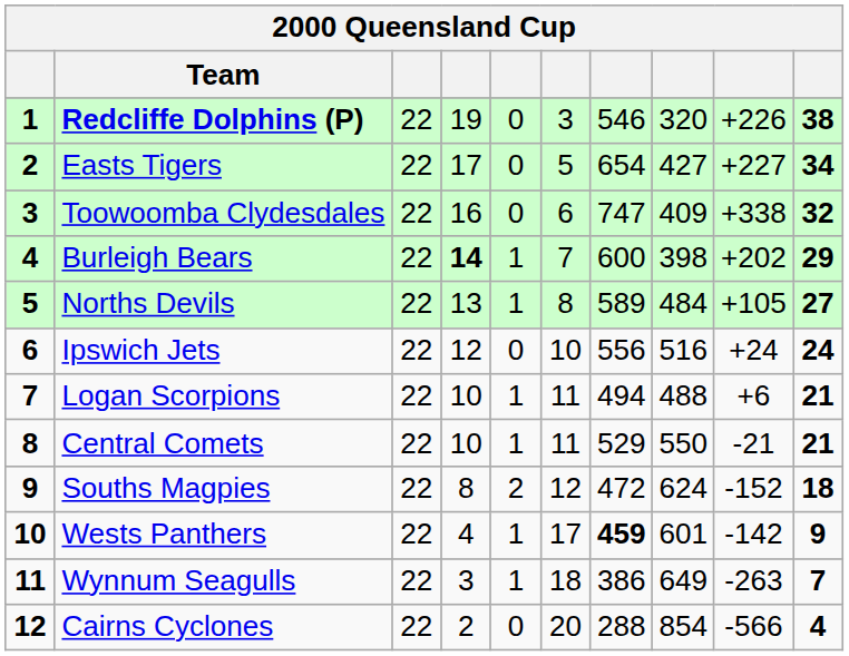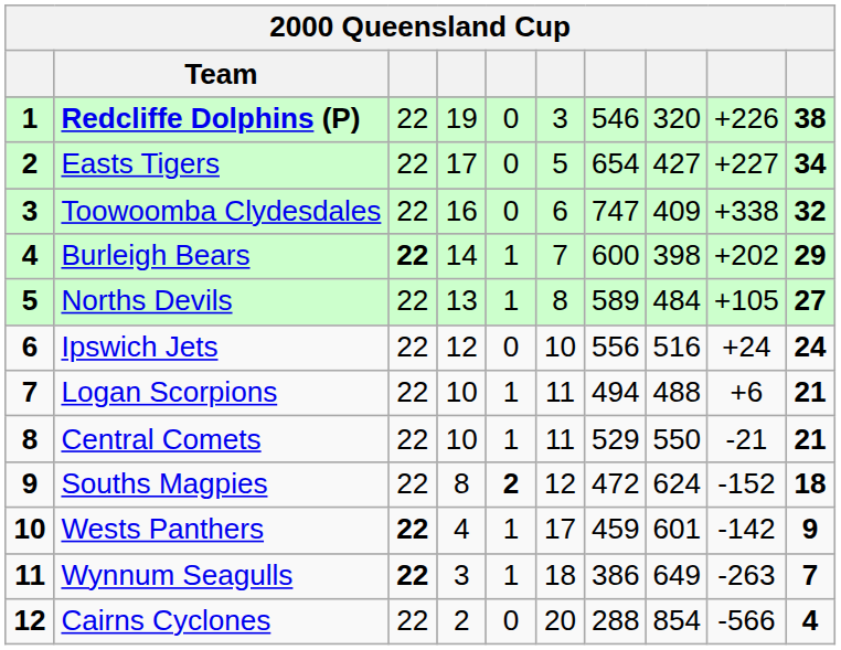 <table class="wikitable" style="text-align:center;">
 <tr>
 <th colspan="11">2000 Queensland Cup</th>
 </tr>
 <tr>
 <th width="20"></th>
 <th>Team</th>
 <th width="20"></th>
 <th width="20"></th>
 <th width="20"></th>
 <th width="20"></th>
 <th width="25"></th>
 <th width="25"></th>
 <th width="30"></th>
 <th width="20"></th>
 </tr>
 <tr style="background: #ccffcc;">
 <td><strong>1</strong></td>
 <td style="text-align:left;"> <strong><a href='#'>Redcliffe Dolphins</a> (P)</strong></td>
 <td>22</td>
 <td>19</td>
 <td>0</td>
 <td>3</td>
 <td>546</td>
 <td>320</td>
 <td>+226</td>
 <td><strong>38</strong></td>
 </tr>
 <tr style="background: #ccffcc;">
 <td><strong>2</strong></td>
 <td style="text-align:left;"> <a href='#'>Easts Tigers</a></td>
 <td>22</td>
 <td>17</td>
 <td>0</td>
 <td>5</td>
 <td>654</td>
 <td>427</td>
 <td>+227</td>
 <td><strong>34</strong></td>
 </tr>
 <tr style="background: #ccffcc;">
 <td><strong>3</strong></td>
 <td style="text-align:left;"> <a href='#'>Toowoomba Clydesdales</a></td>
 <td>22</td>
 <td>16</td>
 <td>0</td>
 <td>6</td>
 <td>747</td>
 <td>409</td>
 <td>+338</td>
 <td><strong>32</strong></td>
 </tr>
 <tr style="background: #ccffcc;">
 <td><strong>4</strong></td>
 <td style="text-align:left;"> <a href='#'>Burleigh Bears</a></td>
-<td>22</td>
-<td><strong>14</strong></td>
+<td><strong>22</strong></td>
+<td>14</td>
 <td>1</td>
 <td>7</td>
 <td>600</td>
 <td>398</td>
 <td>+202</td>
 <td><strong>29</strong></td>
 </tr>
 <tr style="background: #ccffcc;">
 <td><strong>5</strong></td>
 <td style="text-align:left;"> <a href='#'>Norths Devils</a></td>
 <td>22</td>
 <td>13</td>
 <td>1</td>
 <td>8</td>
 <td>589</td>
 <td>484</td>
 <td>+105</td>
 <td><strong>27</strong></td>
 </tr>
 <tr style="background:">
 <td><strong>6</strong></td>
 <td style="text-align:left;"> <a href='#'>Ipswich Jets</a></td>
 <td>22</td>
 <td>12</td>
 <td>0</td>
 <td>10</td>
 <td>556</td>
 <td>516</td>
 <td>+24</td>
 <td><strong>24</strong></td>
 </tr>
 <tr style="background:">
 <td><strong>7</strong></td>
 <td style="text-align:left;"> <a href='#'>Logan Scorpions</a></td>
 <td>22</td>
 <td>10</td>
 <td>1</td>
 <td>11</td>
 <td>494</td>
 <td>488</td>
 <td>+6</td>
 <td><strong>21</strong></td>
 </tr>
 <tr style="background:">
 <td><strong>8</strong></td>
 <td style="text-align:left;"> <a href='#'>Central Comets</a></td>
 <td>22</td>
 <td>10</td>
 <td>1</td>
 <td>11</td>
 <td>529</td>
 <td>550</td>
 <td>-21</td>
 <td><strong>21</strong></td>
 </tr>
 <tr style="background:">
 <td><strong>9</strong></td>
 <td style="text-align:left;"> <a href='#'>Souths Magpies</a></td>
 <td>22</td>
 <td>8</td>
-<td>2</td>
+<td><strong>2</strong></td>
 <td>12</td>
 <td>472</td>
 <td>624</td>
 <td>-152</td>
 <td><strong>18</strong></td>
 </tr>
 <tr style="background:">
 <td><strong>10</strong></td>
 <td style="text-align:left;"> <a href='#'>Wests Panthers</a></td>
-<td>22</td>
+<td><strong>22</strong></td>
 <td>4</td>
 <td>1</td>
 <td>17</td>
-<td><strong>459</strong></td>
+<td>459</td>
 <td>601</td>
 <td>-142</td>
 <td><strong>9</strong></td>
 </tr>
 <tr style="background:">
 <td><strong>11</strong></td>
 <td style="text-align:left;"> <a href='#'>Wynnum Seagulls</a></td>
-<td>22</td>
+<td><strong>22</strong></td>
 <td>3</td>
 <td>1</td>
 <td>18</td>
 <td>386</td>
 <td>649</td>
 <td>-263</td>
 <td><strong>7</strong></td>
 </tr>
 <tr style="background:">
 <td><strong>12</strong></td>
 <td style="text-align:left;"> <a href='#'>Cairns Cyclones</a></td>
 <td>22</td>
 <td>2</td>
 <td>0</td>
 <td>20</td>
 <td>288</td>
 <td>854</td>
 <td>-566</td>
 <td><strong>4</strong></td>
 </tr>
 </table>
